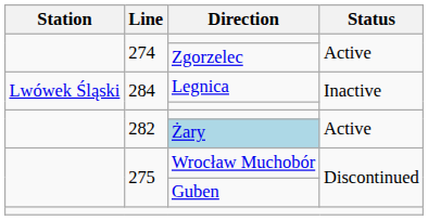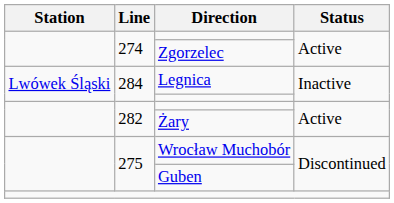 <table class="wikitable" style="font-size:85%;">
 <tr>
 <th>Station</th>
 <th>Line</th>
 <th>Direction</th>
 <th>Status</th>
 </tr>
 <tr>
 <td rowspan="2"></td>
 <td rowspan="2">274</td>
 <td></td>
 <td rowspan="2">Active</td>
 </tr>
 <tr>
 <td><a href='#'>Zgorzelec</a></td>
 </tr>
 <tr>
 <td rowspan="2"><a href='#'>Lwówek Śląski</a></td>
 <td rowspan="2">284</td>
 <td><a href='#'>Legnica</a></td>
 <td rowspan="2">Inactive</td>
 </tr>
 <tr>
 <td></td>
 </tr>
 <tr>
 <td rowspan="2"></td>
 <td rowspan="2">282</td>
 <td></td>
 <td rowspan="2">Active</td>
 </tr>
 <tr>
-<td style="background: lightblue;"><a href='#'>Żary</a></td>
+<td><a href='#'>Żary</a></td>
 </tr>
 <tr>
 <td rowspan="2"></td>
 <td rowspan="2">275</td>
 <td><a href='#'>Wrocław Muchobór</a></td>
 <td rowspan="2">Discontinued</td>
 </tr>
 <tr>
 <td><a href='#'>Guben</a></td>
 </tr>
 <tr>
 <td colspan="4" style="text-align:center"></td>
 </tr>
 </table>
